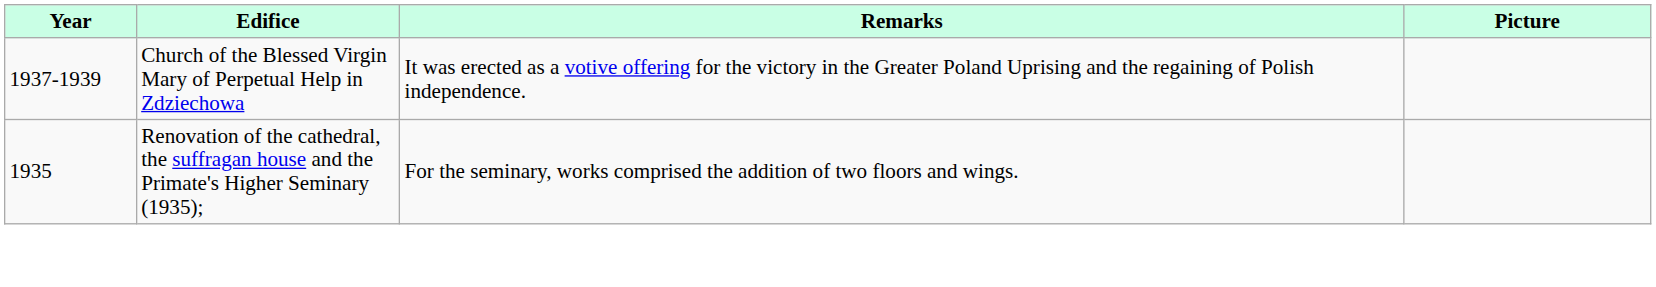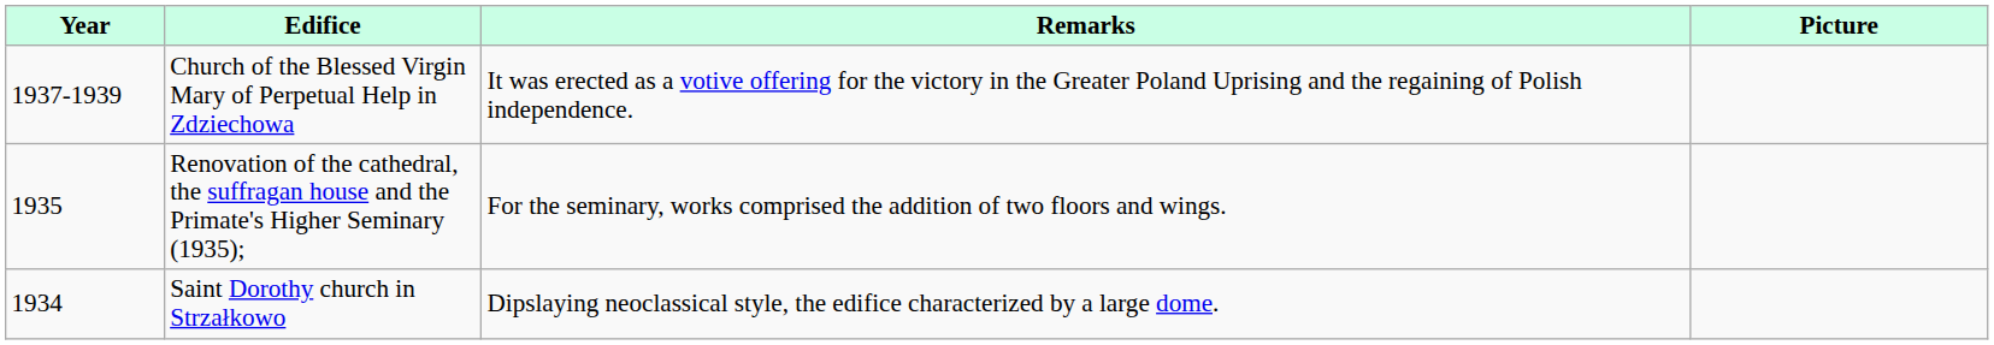 <table class="wikitable" style="flex:30em">
 <tr align="center" bgcolor="#C9FFE5">
 <td width=8%><strong>Year</strong></td>
 <td width=16%><strong>Edifice</strong></td>
 <td width=61%><strong>Remarks</strong></td>
 <td width=15%><strong>Picture</strong></td>
 </tr>
 <tr ----bgcolor="#FFFFFF">
 <td>1937-1939</td>
 <td>Church of the Blessed Virgin Mary of Perpetual Help in <a href='#'>Zdziechowa</a></td>
 <td>It was erected as a <a href='#'>votive offering</a> for the victory in the Greater Poland Uprising and the regaining of Polish independence.</td>
 <td></td>
 </tr>
 <tr>
 <td>1935</td>
 <td>Renovation of the cathedral, the <a href='#'>suffragan house</a> and the Primate's Higher Seminary (1935);</td>
 <td>For the seminary, works comprised the addition of two floors and wings.</td>
 <td></td>
 </tr>
+<tr ----bgcolor="#FFFFFF">
+<td>1934</td>
+<td>Saint <a href='#'>Dorothy</a> church in <a href='#'>Strzałkowo</a></td>
+<td>Dipslaying neoclassical style, the edifice characterized by a large <a href='#'>dome</a>.</td>
+<td></td>
+</tr>
 </table>
